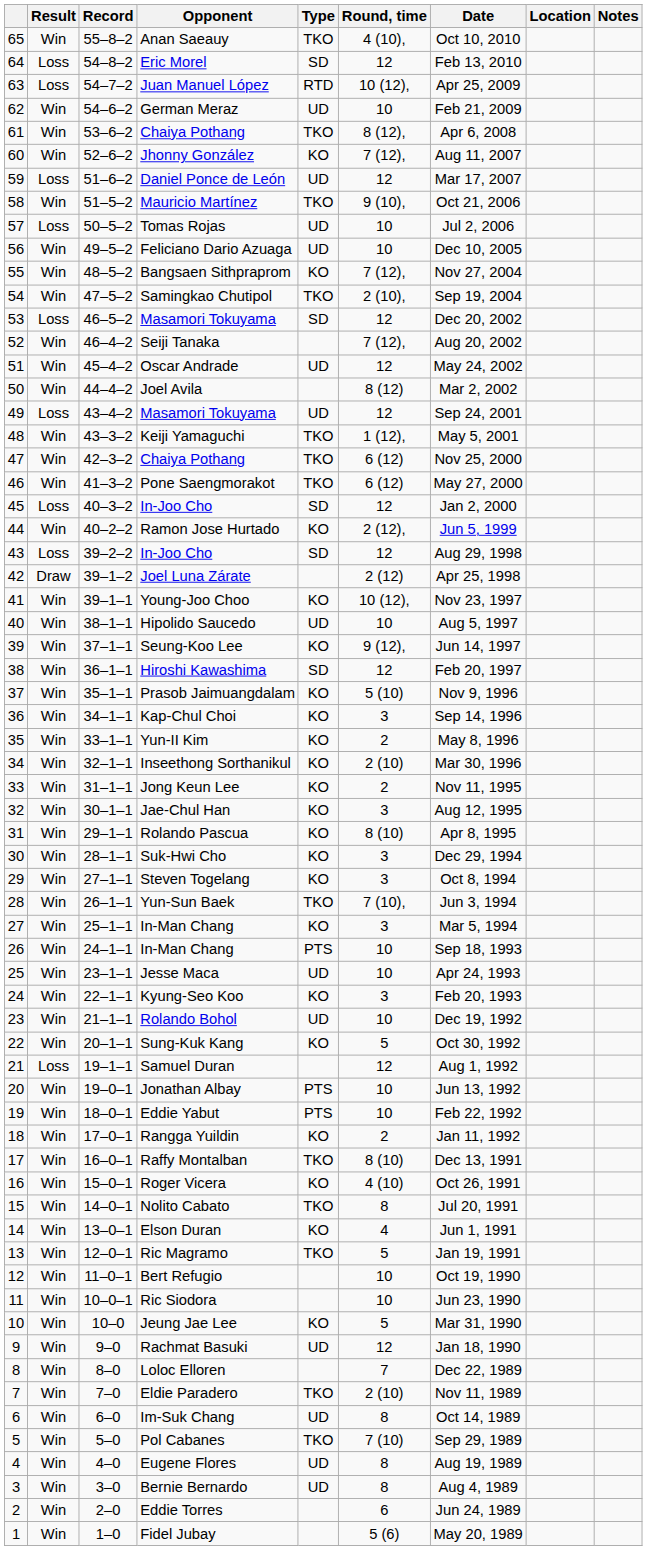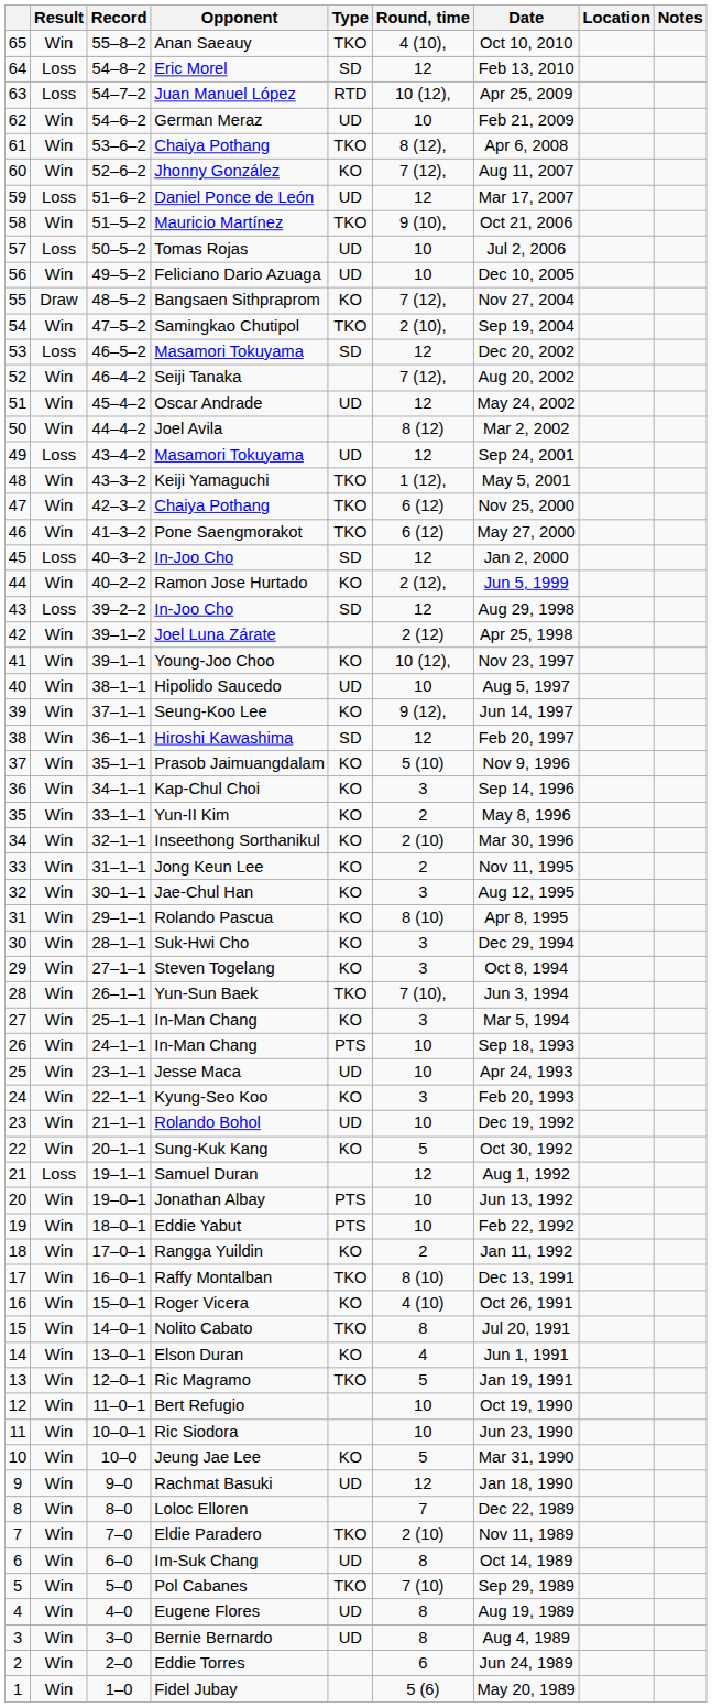 <table class="wikitable" style="text-align:center">
 <tr>
 <th></th>
 <th>Result</th>
 <th>Record</th>
 <th>Opponent</th>
 <th>Type</th>
 <th>Round, time</th>
 <th>Date</th>
 <th>Location</th>
 <th>Notes</th>
 </tr>
 <tr>
 <td>65</td>
 <td>Win</td>
 <td>55–8–2</td>
 <td style="text-align:left;">Anan Saeauy</td>
 <td>TKO</td>
 <td>4 (10), </td>
 <td>Oct 10, 2010</td>
 <td style="text-align:left;"></td>
 <td></td>
 </tr>
 <tr>
 <td>64</td>
 <td>Loss</td>
 <td>54–8–2</td>
 <td style="text-align:left;"><a href='#'>Eric Morel</a></td>
 <td>SD</td>
 <td>12</td>
 <td>Feb 13, 2010</td>
 <td style="text-align:left;"></td>
 <td style="text-align:left;"></td>
 </tr>
 <tr>
 <td>63</td>
 <td>Loss</td>
 <td>54–7–2</td>
 <td style="text-align:left;"><a href='#'>Juan Manuel López</a></td>
 <td>RTD</td>
 <td>10 (12), </td>
 <td>Apr 25, 2009</td>
 <td style="text-align:left;"></td>
 <td style="text-align:left;"></td>
 </tr>
 <tr>
 <td>62</td>
 <td>Win</td>
 <td>54–6–2</td>
 <td style="text-align:left;">German Meraz</td>
 <td>UD</td>
 <td>10</td>
 <td>Feb 21, 2009</td>
 <td style="text-align:left;"></td>
 <td></td>
 </tr>
 <tr>
 <td>61</td>
 <td>Win</td>
 <td>53–6–2</td>
 <td style="text-align:left;"><a href='#'>Chaiya Pothang</a></td>
 <td>TKO</td>
 <td>8 (12), </td>
 <td>Apr 6, 2008</td>
 <td style="text-align:left;"></td>
 <td style="text-align:left;"></td>
 </tr>
 <tr>
 <td>60</td>
 <td>Win</td>
 <td>52–6–2</td>
 <td style="text-align:left;"><a href='#'>Jhonny González</a></td>
 <td>KO</td>
 <td>7 (12), </td>
 <td>Aug 11, 2007</td>
 <td style="text-align:left;"></td>
 <td style="text-align:left;"></td>
 </tr>
 <tr>
 <td>59</td>
 <td>Loss</td>
 <td>51–6–2</td>
 <td style="text-align:left;"><a href='#'>Daniel Ponce de León</a></td>
 <td>UD</td>
 <td>12</td>
 <td>Mar 17, 2007</td>
 <td style="text-align:left;"></td>
 <td style="text-align:left;"></td>
 </tr>
 <tr>
 <td>58</td>
 <td>Win</td>
 <td>51–5–2</td>
 <td style="text-align:left;"><a href='#'>Mauricio Martínez</a></td>
 <td>TKO</td>
 <td>9 (10), </td>
 <td>Oct 21, 2006</td>
 <td style="text-align:left;"></td>
 <td></td>
 </tr>
 <tr>
 <td>57</td>
 <td>Loss</td>
 <td>50–5–2</td>
 <td style="text-align:left;">Tomas Rojas</td>
 <td>UD</td>
 <td>10</td>
 <td>Jul 2, 2006</td>
 <td style="text-align:left;"></td>
 <td></td>
 </tr>
 <tr>
 <td>56</td>
 <td>Win</td>
 <td>49–5–2</td>
 <td style="text-align:left;">Feliciano Dario Azuaga</td>
 <td>UD</td>
 <td>10</td>
 <td>Dec 10, 2005</td>
 <td style="text-align:left;"></td>
 <td></td>
 </tr>
 <tr>
 <td>55</td>
-<td>Win</td>
+<td>Draw</td>
 <td>48–5–2</td>
 <td style="text-align:left;">Bangsaen Sithpraprom</td>
 <td>KO</td>
 <td>7 (12), </td>
 <td>Nov 27, 2004</td>
 <td style="text-align:left;"></td>
 <td style="text-align:left;"></td>
 </tr>
 <tr>
 <td>54</td>
 <td>Win</td>
 <td>47–5–2</td>
 <td style="text-align:left;">Samingkao Chutipol</td>
 <td>TKO</td>
 <td>2 (10), </td>
 <td>Sep 19, 2004</td>
 <td style="text-align:left;"></td>
 <td></td>
 </tr>
 <tr>
 <td>53</td>
 <td>Loss</td>
 <td>46–5–2</td>
 <td style="text-align:left;"><a href='#'>Masamori Tokuyama</a></td>
 <td>SD</td>
 <td>12</td>
 <td>Dec 20, 2002</td>
 <td style="text-align:left;"></td>
 <td style="text-align:left;"></td>
 </tr>
 <tr>
 <td>52</td>
 <td>Win</td>
 <td>46–4–2</td>
 <td style="text-align:left;">Seiji Tanaka</td>
 <td></td>
 <td>7 (12), </td>
 <td>Aug 20, 2002</td>
 <td style="text-align:left;"></td>
 <td style="text-align:left;"></td>
 </tr>
 <tr>
 <td>51</td>
 <td>Win</td>
 <td>45–4–2</td>
 <td style="text-align:left;">Oscar Andrade</td>
 <td>UD</td>
 <td>12</td>
 <td>May 24, 2002</td>
 <td style="text-align:left;"></td>
 <td style="text-align:left;"></td>
 </tr>
 <tr>
 <td>50</td>
 <td>Win</td>
 <td>44–4–2</td>
 <td style="text-align:left;">Joel Avila</td>
 <td></td>
 <td>8 (12)</td>
 <td>Mar 2, 2002</td>
 <td style="text-align:left;"></td>
 <td style="text-align:left;"></td>
 </tr>
 <tr>
 <td>49</td>
 <td>Loss</td>
 <td>43–4–2</td>
 <td style="text-align:left;"><a href='#'>Masamori Tokuyama</a></td>
 <td>UD</td>
 <td>12</td>
 <td>Sep 24, 2001</td>
 <td style="text-align:left;"></td>
 <td style="text-align:left;"></td>
 </tr>
 <tr>
 <td>48</td>
 <td>Win</td>
 <td>43–3–2</td>
 <td style="text-align:left;">Keiji Yamaguchi</td>
 <td>TKO</td>
 <td>1 (12), </td>
 <td>May 5, 2001</td>
 <td style="text-align:left;"></td>
 <td style="text-align:left;"></td>
 </tr>
 <tr>
 <td>47</td>
 <td>Win</td>
 <td>42–3–2</td>
 <td style="text-align:left;"><a href='#'>Chaiya Pothang</a></td>
 <td>TKO</td>
 <td>6 (12)</td>
 <td>Nov 25, 2000</td>
 <td style="text-align:left;"></td>
 <td style="text-align:left;"></td>
 </tr>
 <tr>
 <td>46</td>
 <td>Win</td>
 <td>41–3–2</td>
 <td style="text-align:left;">Pone Saengmorakot</td>
 <td>TKO</td>
 <td>6 (12)</td>
 <td>May 27, 2000</td>
 <td style="text-align:left;"></td>
 <td style="text-align:left;"></td>
 </tr>
 <tr>
 <td>45</td>
 <td>Loss</td>
 <td>40–3–2</td>
 <td style="text-align:left;"><a href='#'>In-Joo Cho</a></td>
 <td>SD</td>
 <td>12</td>
 <td>Jan 2, 2000</td>
 <td style="text-align:left;"></td>
 <td style="text-align:left;"></td>
 </tr>
 <tr>
 <td>44</td>
 <td>Win</td>
 <td>40–2–2</td>
 <td style="text-align:left;">Ramon Jose Hurtado</td>
 <td>KO</td>
 <td>2 (12), </td>
 <td><a href='#'>Jun 5, 1999</a></td>
 <td style="text-align:left;"></td>
 <td style="text-align:left;"></td>
 </tr>
 <tr>
 <td>43</td>
 <td>Loss</td>
 <td>39–2–2</td>
 <td style="text-align:left;"><a href='#'>In-Joo Cho</a></td>
 <td>SD</td>
 <td>12</td>
 <td>Aug 29, 1998</td>
 <td style="text-align:left;"></td>
 <td style="text-align:left;"></td>
 </tr>
 <tr>
 <td>42</td>
-<td>Draw</td>
+<td>Win</td>
 <td>39–1–2</td>
 <td style="text-align:left;"><a href='#'>Joel Luna Zárate</a></td>
 <td></td>
 <td>2 (12)</td>
 <td>Apr 25, 1998</td>
 <td style="text-align:left;"></td>
 <td style="text-align:left;"></td>
 </tr>
 <tr>
 <td>41</td>
 <td>Win</td>
 <td>39–1–1</td>
 <td style="text-align:left;">Young-Joo Choo</td>
 <td>KO</td>
 <td>10 (12), </td>
 <td>Nov 23, 1997</td>
 <td style="text-align:left;"></td>
 <td style="text-align:left;"></td>
 </tr>
 <tr>
 <td>40</td>
 <td>Win</td>
 <td>38–1–1</td>
 <td style="text-align:left;">Hipolido Saucedo</td>
 <td>UD</td>
 <td>10</td>
 <td>Aug 5, 1997</td>
 <td style="text-align:left;"></td>
 <td></td>
 </tr>
 <tr>
 <td>39</td>
 <td>Win</td>
 <td>37–1–1</td>
 <td style="text-align:left;">Seung-Koo Lee</td>
 <td>KO</td>
 <td>9 (12), </td>
 <td>Jun 14, 1997</td>
 <td style="text-align:left;"></td>
 <td style="text-align:left;"></td>
 </tr>
 <tr>
 <td>38</td>
 <td>Win</td>
 <td>36–1–1</td>
 <td style="text-align:left;"><a href='#'>Hiroshi Kawashima</a></td>
 <td>SD</td>
 <td>12</td>
 <td>Feb 20, 1997</td>
 <td style="text-align:left;"></td>
 <td style="text-align:left;"></td>
 </tr>
 <tr>
 <td>37</td>
 <td>Win</td>
 <td>35–1–1</td>
 <td style="text-align:left;">Prasob Jaimuangdalam</td>
 <td>KO</td>
 <td>5 (10)</td>
 <td>Nov 9, 1996</td>
 <td style="text-align:left;"></td>
 <td></td>
 </tr>
 <tr>
 <td>36</td>
 <td>Win</td>
 <td>34–1–1</td>
 <td style="text-align:left;">Kap-Chul Choi</td>
 <td>KO</td>
 <td>3</td>
 <td>Sep 14, 1996</td>
 <td style="text-align:left;"></td>
 <td></td>
 </tr>
 <tr>
 <td>35</td>
 <td>Win</td>
 <td>33–1–1</td>
 <td style="text-align:left;">Yun-II Kim</td>
 <td>KO</td>
 <td>2</td>
 <td>May 8, 1996</td>
 <td style="text-align:left;"></td>
 <td></td>
 </tr>
 <tr>
 <td>34</td>
 <td>Win</td>
 <td>32–1–1</td>
 <td style="text-align:left;">Inseethong Sorthanikul</td>
 <td>KO</td>
 <td>2 (10)</td>
 <td>Mar 30, 1996</td>
 <td style="text-align:left;"></td>
 <td></td>
 </tr>
 <tr>
 <td>33</td>
 <td>Win</td>
 <td>31–1–1</td>
 <td style="text-align:left;">Jong Keun Lee</td>
 <td>KO</td>
 <td>2</td>
 <td>Nov 11, 1995</td>
 <td style="text-align:left;"></td>
 <td></td>
 </tr>
 <tr>
 <td>32</td>
 <td>Win</td>
 <td>30–1–1</td>
 <td style="text-align:left;">Jae-Chul Han</td>
 <td>KO</td>
 <td>3</td>
 <td>Aug 12, 1995</td>
 <td style="text-align:left;"></td>
 <td></td>
 </tr>
 <tr>
 <td>31</td>
 <td>Win</td>
 <td>29–1–1</td>
 <td style="text-align:left;">Rolando Pascua</td>
 <td>KO</td>
 <td>8 (10)</td>
 <td>Apr 8, 1995</td>
 <td style="text-align:left;"></td>
 <td></td>
 </tr>
 <tr>
 <td>30</td>
 <td>Win</td>
 <td>28–1–1</td>
 <td style="text-align:left;">Suk-Hwi Cho</td>
 <td>KO</td>
 <td>3</td>
 <td>Dec 29, 1994</td>
 <td style="text-align:left;"></td>
 <td></td>
 </tr>
 <tr>
 <td>29</td>
 <td>Win</td>
 <td>27–1–1</td>
 <td style="text-align:left;">Steven Togelang</td>
 <td>KO</td>
 <td>3</td>
 <td>Oct 8, 1994</td>
 <td style="text-align:left;"></td>
 <td></td>
 </tr>
 <tr>
 <td>28</td>
 <td>Win</td>
 <td>26–1–1</td>
 <td style="text-align:left;">Yun-Sun Baek</td>
 <td>TKO</td>
 <td>7 (10), </td>
 <td>Jun 3, 1994</td>
 <td style="text-align:left;"></td>
 <td></td>
 </tr>
 <tr>
 <td>27</td>
 <td>Win</td>
 <td>25–1–1</td>
 <td style="text-align:left;">In-Man Chang</td>
 <td>KO</td>
 <td>3</td>
 <td>Mar 5, 1994</td>
 <td style="text-align:left;"></td>
 <td></td>
 </tr>
 <tr>
 <td>26</td>
 <td>Win</td>
 <td>24–1–1</td>
 <td style="text-align:left;">In-Man Chang</td>
 <td>PTS</td>
 <td>10</td>
 <td>Sep 18, 1993</td>
 <td style="text-align:left;"></td>
 <td></td>
 </tr>
 <tr>
 <td>25</td>
 <td>Win</td>
 <td>23–1–1</td>
 <td style="text-align:left;">Jesse Maca</td>
 <td>UD</td>
 <td>10</td>
 <td>Apr 24, 1993</td>
 <td style="text-align:left;"></td>
 <td></td>
 </tr>
 <tr>
 <td>24</td>
 <td>Win</td>
 <td>22–1–1</td>
 <td style="text-align:left;">Kyung-Seo Koo</td>
 <td>KO</td>
 <td>3</td>
 <td>Feb 20, 1993</td>
 <td style="text-align:left;"></td>
 <td></td>
 </tr>
 <tr>
 <td>23</td>
 <td>Win</td>
 <td>21–1–1</td>
 <td style="text-align:left;"><a href='#'>Rolando Bohol</a></td>
 <td>UD</td>
 <td>10</td>
 <td>Dec 19, 1992</td>
 <td style="text-align:left;"></td>
 <td></td>
 </tr>
 <tr>
 <td>22</td>
 <td>Win</td>
 <td>20–1–1</td>
 <td style="text-align:left;">Sung-Kuk Kang</td>
 <td>KO</td>
 <td>5</td>
 <td>Oct 30, 1992</td>
 <td style="text-align:left;"></td>
 <td></td>
 </tr>
 <tr>
 <td>21</td>
 <td>Loss</td>
 <td>19–1–1</td>
 <td style="text-align:left;">Samuel Duran</td>
 <td></td>
 <td>12</td>
 <td>Aug 1, 1992</td>
 <td style="text-align:left;"></td>
 <td style="text-align:left;"></td>
 </tr>
 <tr>
 <td>20</td>
 <td>Win</td>
 <td>19–0–1</td>
 <td style="text-align:left;">Jonathan Albay</td>
 <td>PTS</td>
 <td>10</td>
 <td>Jun 13, 1992</td>
 <td style="text-align:left;"></td>
 <td></td>
 </tr>
 <tr>
 <td>19</td>
 <td>Win</td>
 <td>18–0–1</td>
 <td style="text-align:left;">Eddie Yabut</td>
 <td>PTS</td>
 <td>10</td>
 <td>Feb 22, 1992</td>
 <td style="text-align:left;"></td>
 <td></td>
 </tr>
 <tr>
 <td>18</td>
 <td>Win</td>
 <td>17–0–1</td>
 <td style="text-align:left;">Rangga Yuildin</td>
 <td>KO</td>
 <td>2</td>
 <td>Jan 11, 1992</td>
 <td style="text-align:left;"></td>
 <td></td>
 </tr>
 <tr>
 <td>17</td>
 <td>Win</td>
 <td>16–0–1</td>
 <td style="text-align:left;">Raffy Montalban</td>
 <td>TKO</td>
 <td>8 (10)</td>
 <td>Dec 13, 1991</td>
 <td style="text-align:left;"></td>
 <td></td>
 </tr>
 <tr>
 <td>16</td>
 <td>Win</td>
 <td>15–0–1</td>
 <td style="text-align:left;">Roger Vicera</td>
 <td>KO</td>
 <td>4 (10)</td>
 <td>Oct 26, 1991</td>
 <td style="text-align:left;"></td>
 <td></td>
 </tr>
 <tr>
 <td>15</td>
 <td>Win</td>
 <td>14–0–1</td>
 <td style="text-align:left;">Nolito Cabato</td>
 <td>TKO</td>
 <td>8</td>
 <td>Jul 20, 1991</td>
 <td style="text-align:left;"></td>
 <td></td>
 </tr>
 <tr>
 <td>14</td>
 <td>Win</td>
 <td>13–0–1</td>
 <td style="text-align:left;">Elson Duran</td>
 <td>KO</td>
 <td>4</td>
 <td>Jun 1, 1991</td>
 <td style="text-align:left;"></td>
 <td></td>
 </tr>
 <tr>
 <td>13</td>
 <td>Win</td>
 <td>12–0–1</td>
 <td style="text-align:left;">Ric Magramo</td>
 <td>TKO</td>
 <td>5</td>
 <td>Jan 19, 1991</td>
 <td style="text-align:left;"></td>
 <td></td>
 </tr>
 <tr>
 <td>12</td>
 <td>Win</td>
 <td>11–0–1</td>
 <td style="text-align:left;">Bert Refugio</td>
 <td></td>
 <td>10</td>
 <td>Oct 19, 1990</td>
 <td style="text-align:left;"></td>
 <td></td>
 </tr>
 <tr>
 <td>11</td>
 <td>Win</td>
 <td>10–0–1</td>
 <td style="text-align:left;">Ric Siodora</td>
 <td></td>
 <td>10</td>
 <td>Jun 23, 1990</td>
 <td style="text-align:left;"></td>
 <td></td>
 </tr>
 <tr>
 <td>10</td>
 <td>Win</td>
 <td>10–0</td>
 <td style="text-align:left;">Jeung Jae Lee</td>
 <td>KO</td>
 <td>5</td>
 <td>Mar 31, 1990</td>
 <td style="text-align:left;"></td>
 <td></td>
 </tr>
 <tr>
 <td>9</td>
 <td>Win</td>
 <td>9–0</td>
 <td style="text-align:left;">Rachmat Basuki</td>
 <td>UD</td>
 <td>12</td>
 <td>Jan 18, 1990</td>
 <td style="text-align:left;"></td>
 <td style="text-align:left;"></td>
 </tr>
 <tr>
 <td>8</td>
 <td>Win</td>
 <td>8–0</td>
 <td style="text-align:left;">Loloc Elloren</td>
 <td></td>
 <td>7</td>
 <td>Dec 22, 1989</td>
 <td style="text-align:left;"></td>
 <td></td>
 </tr>
 <tr>
 <td>7</td>
 <td>Win</td>
 <td>7–0</td>
 <td style="text-align:left;">Eldie Paradero</td>
 <td>TKO</td>
 <td>2 (10)</td>
 <td>Nov 11, 1989</td>
 <td style="text-align:left;"></td>
 <td></td>
 </tr>
 <tr>
 <td>6</td>
 <td>Win</td>
 <td>6–0</td>
 <td style="text-align:left;">Im-Suk Chang</td>
 <td>UD</td>
 <td>8</td>
 <td>Oct 14, 1989</td>
 <td style="text-align:left;"></td>
 <td></td>
 </tr>
 <tr>
 <td>5</td>
 <td>Win</td>
 <td>5–0</td>
 <td style="text-align:left;">Pol Cabanes</td>
 <td>TKO</td>
 <td>7 (10)</td>
 <td>Sep 29, 1989</td>
 <td style="text-align:left;"></td>
 <td></td>
 </tr>
 <tr>
 <td>4</td>
 <td>Win</td>
 <td>4–0</td>
 <td style="text-align:left;">Eugene Flores</td>
 <td>UD</td>
 <td>8</td>
 <td>Aug 19, 1989</td>
 <td style="text-align:left;"></td>
 <td></td>
 </tr>
 <tr>
 <td>3</td>
 <td>Win</td>
 <td>3–0</td>
 <td style="text-align:left;">Bernie Bernardo</td>
 <td>UD</td>
 <td>8</td>
 <td>Aug 4, 1989</td>
 <td style="text-align:left;"></td>
 <td></td>
 </tr>
 <tr>
 <td>2</td>
 <td>Win</td>
 <td>2–0</td>
 <td style="text-align:left;">Eddie Torres</td>
 <td></td>
 <td>6</td>
 <td>Jun 24, 1989</td>
 <td style="text-align:left;"></td>
 <td></td>
 </tr>
 <tr>
 <td>1</td>
 <td>Win</td>
 <td>1–0</td>
 <td style="text-align:left;">Fidel Jubay</td>
 <td></td>
 <td>5 (6)</td>
 <td>May 20, 1989</td>
 <td style="text-align:left;"></td>
 <td style="text-align:left;"></td>
 </tr>
 </table>
